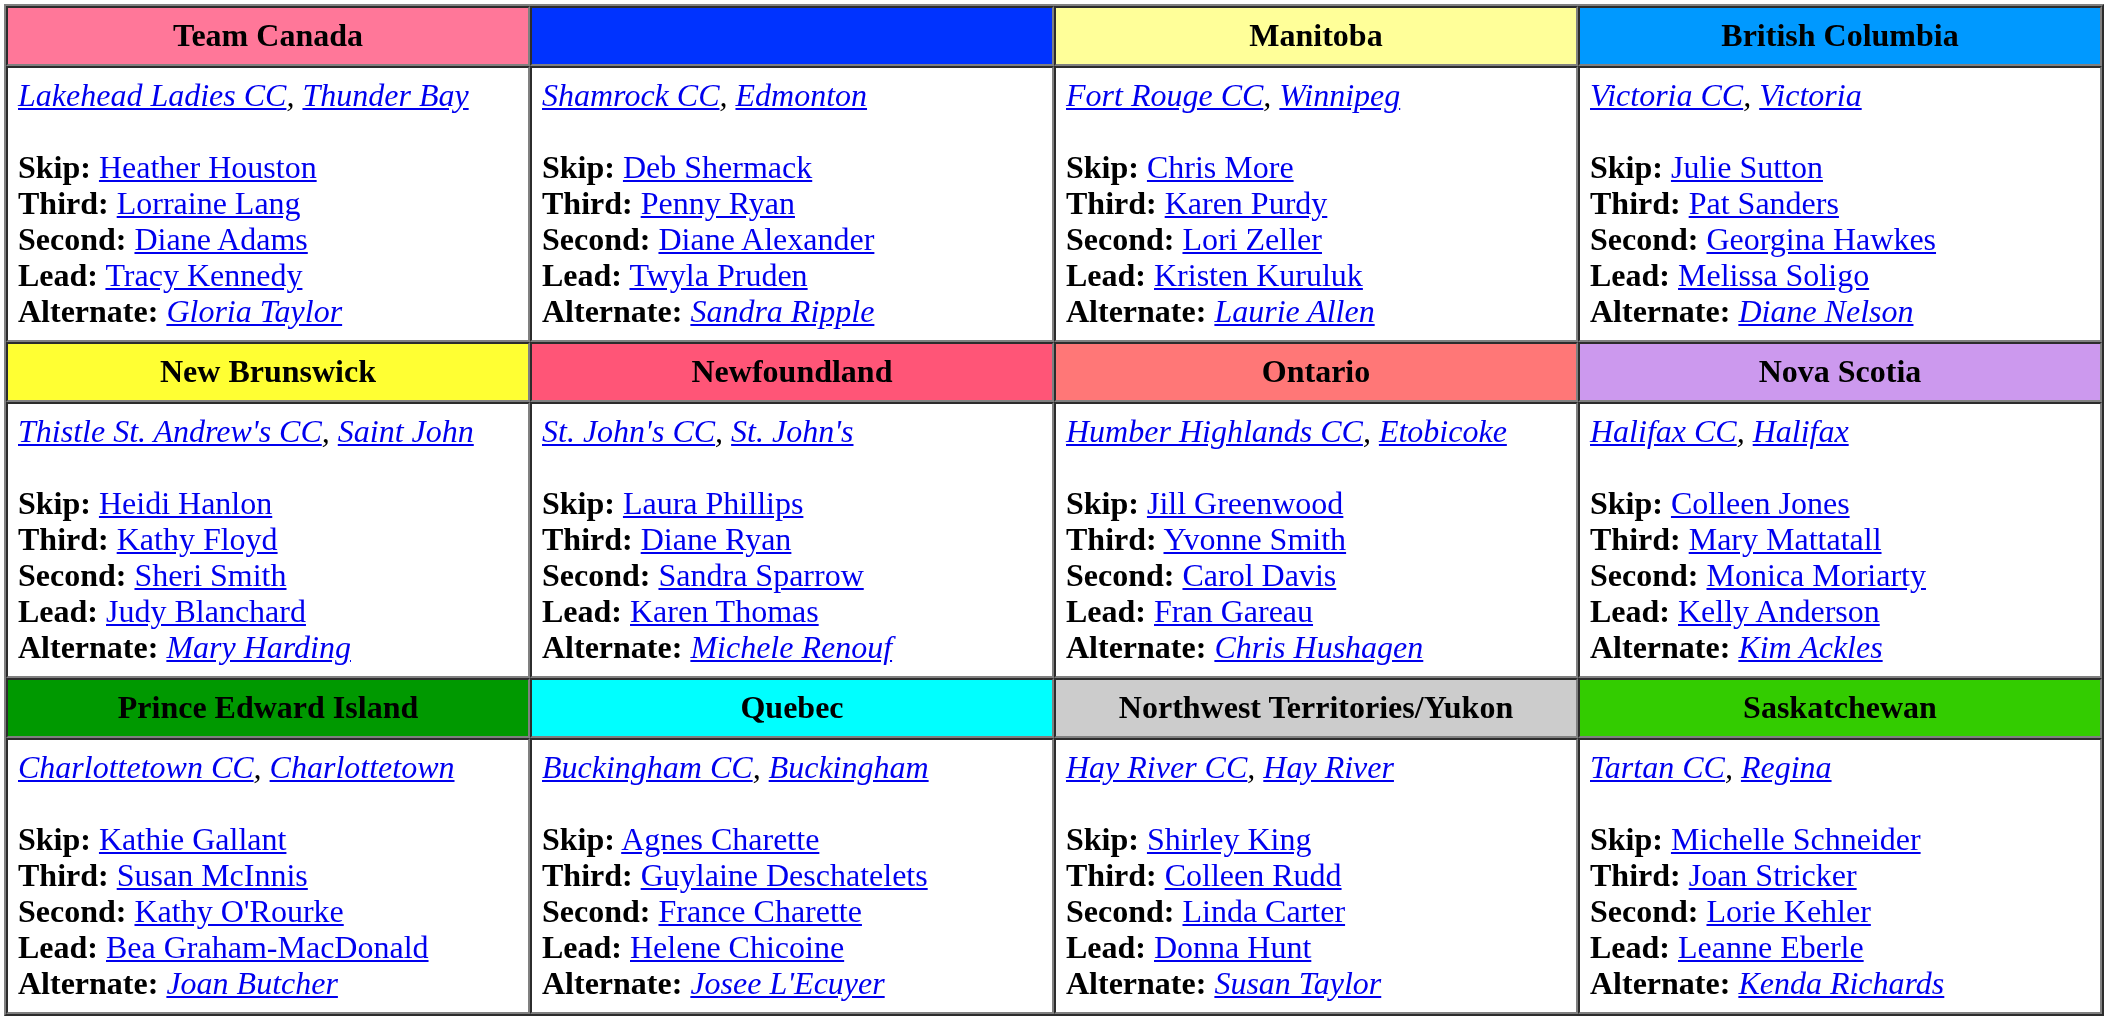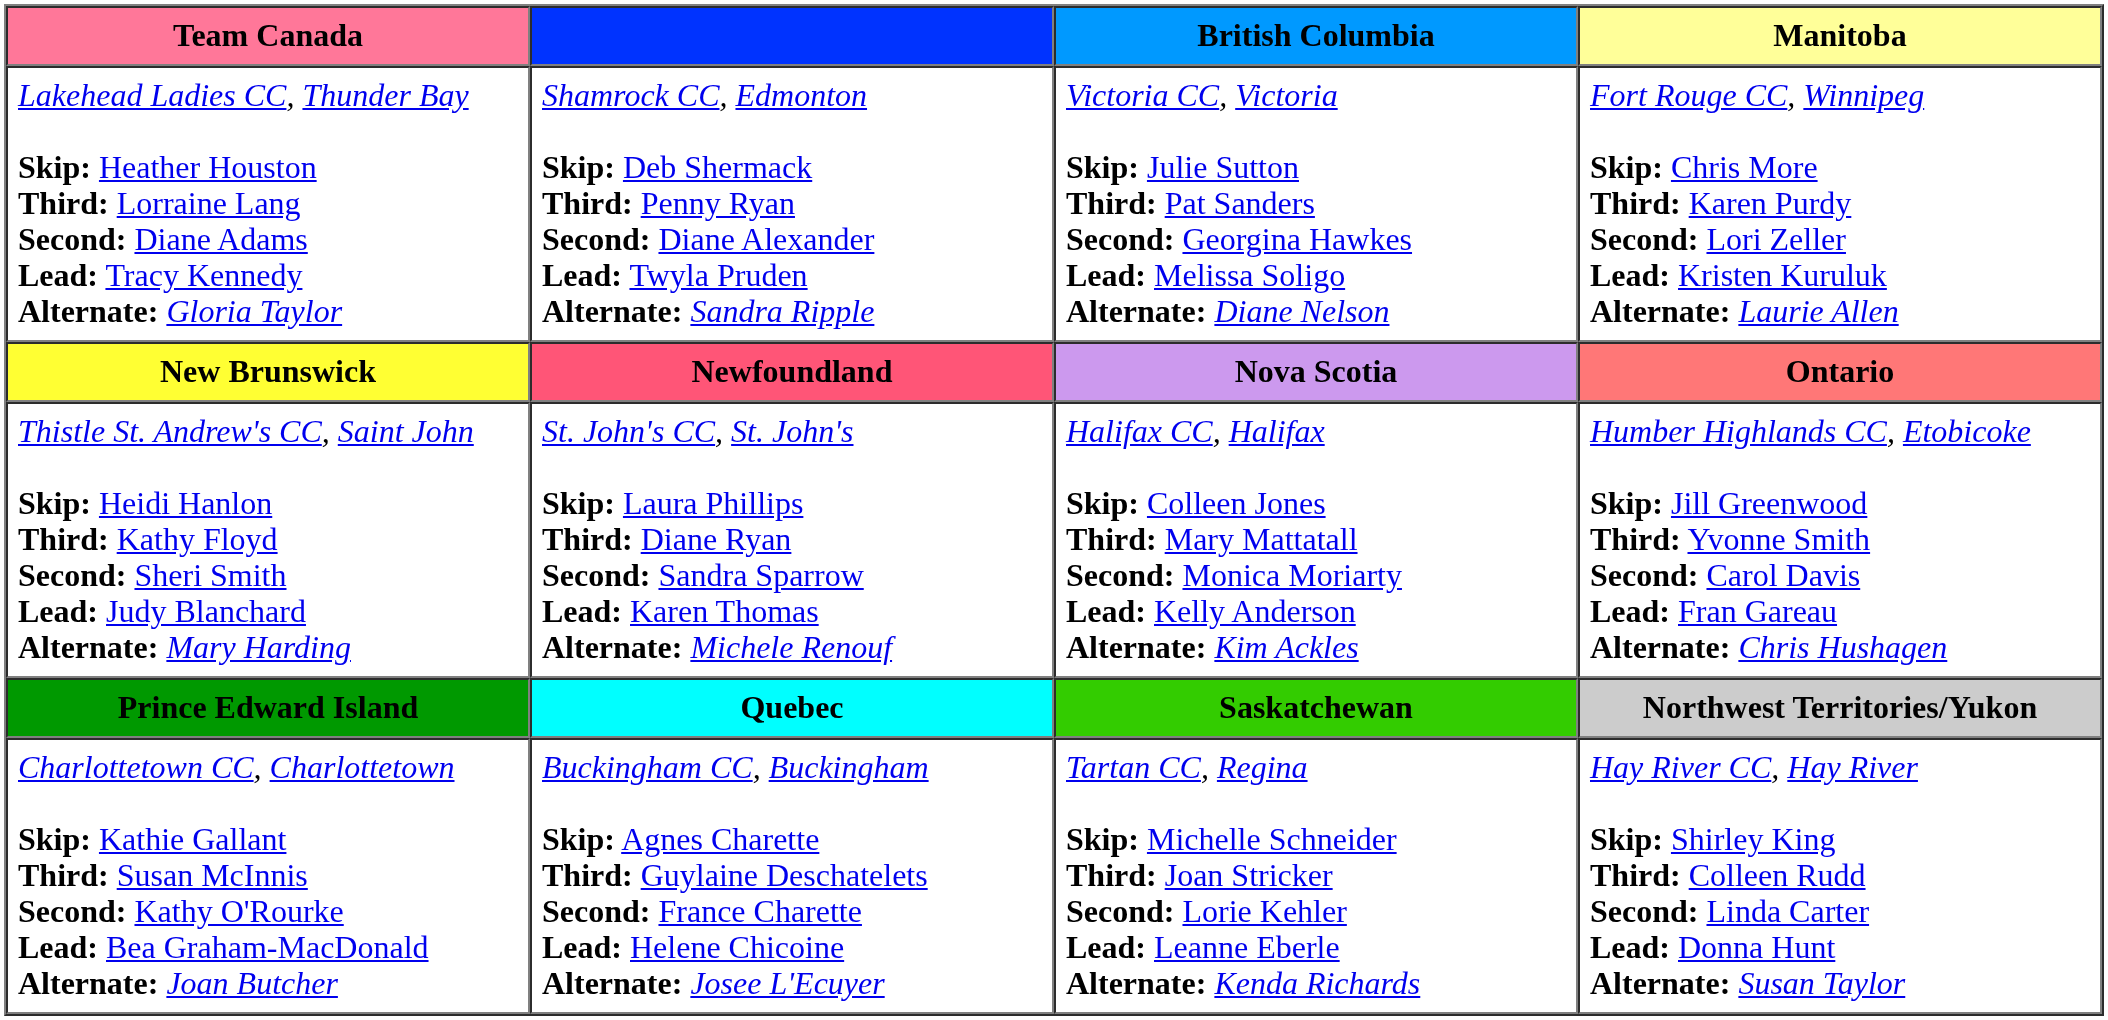 <table border=1 cellpadding=5 cellspacing=0>
 <tr>
 <th bgcolor="#ff7799" width="250">Team Canada</th>
 <th bgcolor="#0033ff" width="250"></th>
+<th bgcolor="#0099ff" width="250">British Columbia</th>
 <th bgcolor="#ffff99" width="250">Manitoba</th>
-<th bgcolor="#0099ff" width="250">British Columbia</th>
 </tr>
 <tr align=center>
 <td align=left><em><a href='#'>Lakehead Ladies CC</a>, <a href='#'>Thunder Bay</a></em> <br><br><strong>Skip:</strong>  <a href='#'>Heather Houston</a><br> <strong>Third:</strong> <a href='#'>Lorraine Lang</a><br> <strong>Second:</strong> <a href='#'>Diane Adams</a><br> <strong>Lead:</strong> <a href='#'>Tracy Kennedy</a><br> <strong>Alternate:</strong> <em><a href='#'>Gloria Taylor</a></em></td>
 <td align=left><em><a href='#'>Shamrock CC</a>, <a href='#'>Edmonton</a></em> <br><br><strong>Skip:</strong>  <a href='#'>Deb Shermack</a><br> <strong>Third:</strong> <a href='#'>Penny Ryan</a><br> <strong>Second:</strong> <a href='#'>Diane Alexander</a><br> <strong>Lead:</strong> <a href='#'>Twyla Pruden</a><br> <strong>Alternate:</strong> <em><a href='#'>Sandra Ripple</a></em></td>
+<td align=left><em><a href='#'>Victoria CC</a>, <a href='#'>Victoria</a></em> <br><br><strong>Skip:</strong>  <a href='#'>Julie Sutton</a><br> <strong>Third:</strong> <a href='#'>Pat Sanders</a><br> <strong>Second:</strong> <a href='#'>Georgina Hawkes</a><br> <strong>Lead:</strong> <a href='#'>Melissa Soligo</a><br> <strong>Alternate:</strong> <em><a href='#'>Diane Nelson</a></em></td>
 <td align=left><em><a href='#'>Fort Rouge CC</a>, <a href='#'>Winnipeg</a></em> <br><br><strong>Skip:</strong>  <a href='#'>Chris More</a><br> <strong>Third:</strong> <a href='#'>Karen Purdy</a><br> <strong>Second:</strong> <a href='#'>Lori Zeller</a><br> <strong>Lead:</strong> <a href='#'>Kristen Kuruluk</a><br> <strong>Alternate:</strong> <em><a href='#'>Laurie Allen</a></em></td>
-<td align=left><em><a href='#'>Victoria CC</a>, <a href='#'>Victoria</a></em> <br><br><strong>Skip:</strong>  <a href='#'>Julie Sutton</a><br> <strong>Third:</strong> <a href='#'>Pat Sanders</a><br> <strong>Second:</strong> <a href='#'>Georgina Hawkes</a><br> <strong>Lead:</strong> <a href='#'>Melissa Soligo</a><br> <strong>Alternate:</strong> <em><a href='#'>Diane Nelson</a></em></td>
 </tr>
 <tr border=1 cellpadding=5 cellspacing=0>
 <th bgcolor="#ffff33" width="250">New Brunswick</th>
 <th bgcolor="#ff5577" width="250">Newfoundland</th>
+<th bgcolor="#cc99ee" width="250">Nova Scotia</th>
 <th bgcolor="#ff7777" width="250">Ontario</th>
-<th bgcolor="#cc99ee" width="250">Nova Scotia</th>
 </tr>
 <tr align=center>
 <td align=left><em><a href='#'>Thistle St. Andrew's CC</a>, <a href='#'>Saint John</a></em> <br><br><strong>Skip:</strong>  <a href='#'>Heidi Hanlon</a><br> <strong>Third:</strong> <a href='#'>Kathy Floyd</a><br> <strong>Second:</strong> <a href='#'>Sheri Smith</a><br> <strong>Lead:</strong> <a href='#'>Judy Blanchard</a><br> <strong>Alternate:</strong> <em><a href='#'>Mary Harding</a></em></td>
 <td align=left><em><a href='#'>St. John's CC</a>, <a href='#'>St. John's</a></em> <br><br><strong>Skip:</strong>  <a href='#'>Laura Phillips</a> <br> <strong>Third:</strong> <a href='#'>Diane Ryan</a><br> <strong>Second:</strong> <a href='#'>Sandra Sparrow</a><br> <strong>Lead:</strong> <a href='#'>Karen Thomas</a><br> <strong>Alternate:</strong> <em><a href='#'>Michele Renouf</a></em></td>
+<td align=left><em><a href='#'>Halifax CC</a>, <a href='#'>Halifax</a></em> <br><br><strong>Skip:</strong>  <a href='#'>Colleen Jones</a><br> <strong>Third:</strong> <a href='#'>Mary Mattatall</a><br> <strong>Second:</strong> <a href='#'>Monica Moriarty</a><br> <strong>Lead:</strong> <a href='#'>Kelly Anderson</a><br> <strong>Alternate:</strong> <em><a href='#'>Kim Ackles</a></em></td>
 <td align=left><em><a href='#'>Humber Highlands CC</a>, <a href='#'>Etobicoke</a></em> <br><br><strong>Skip:</strong>  <a href='#'>Jill Greenwood</a><br> <strong>Third:</strong> <a href='#'>Yvonne Smith</a><br> <strong>Second:</strong> <a href='#'>Carol Davis</a><br> <strong>Lead:</strong> <a href='#'>Fran Gareau</a><br> <strong>Alternate:</strong> <em><a href='#'>Chris Hushagen</a></em></td>
-<td align=left><em><a href='#'>Halifax CC</a>, <a href='#'>Halifax</a></em> <br><br><strong>Skip:</strong>  <a href='#'>Colleen Jones</a><br> <strong>Third:</strong> <a href='#'>Mary Mattatall</a><br> <strong>Second:</strong> <a href='#'>Monica Moriarty</a><br> <strong>Lead:</strong> <a href='#'>Kelly Anderson</a><br> <strong>Alternate:</strong> <em><a href='#'>Kim Ackles</a></em></td>
 </tr>
 <tr border=1 cellpadding=5 cellspacing=0>
 <th bgcolor="#009900" width="250">Prince Edward Island</th>
 <th bgcolor="#00ffff" width="250">Quebec</th>
+<th bgcolor="#33cc00" width="250">Saskatchewan</th>
 <th bgcolor="#cccccc" width="250">Northwest Territories/Yukon</th>
-<th bgcolor="#33cc00" width="250">Saskatchewan</th>
 </tr>
 <tr align=center>
 <td align=left><em><a href='#'>Charlottetown CC</a>, <a href='#'>Charlottetown</a></em> <br><br><strong>Skip:</strong>  <a href='#'>Kathie Gallant</a><br> <strong>Third:</strong> <a href='#'>Susan McInnis</a><br> <strong>Second:</strong> <a href='#'>Kathy O'Rourke</a><br> <strong>Lead:</strong> <a href='#'>Bea Graham-MacDonald</a><br> <strong>Alternate:</strong> <em><a href='#'>Joan Butcher</a></em></td>
 <td align=left><em><a href='#'>Buckingham CC</a>, <a href='#'>Buckingham</a></em> <br><br><strong>Skip:</strong>  <a href='#'>Agnes Charette</a><br> <strong>Third:</strong> <a href='#'>Guylaine Deschatelets</a><br> <strong>Second:</strong> <a href='#'>France Charette</a><br> <strong>Lead:</strong> <a href='#'>Helene Chicoine</a><br> <strong>Alternate:</strong> <em><a href='#'>Josee L'Ecuyer</a></em></td>
+<td align=left><em><a href='#'>Tartan CC</a>, <a href='#'>Regina</a></em> <br><br><strong>Skip:</strong>  <a href='#'>Michelle Schneider</a><br> <strong>Third:</strong> <a href='#'>Joan Stricker</a><br> <strong>Second:</strong> <a href='#'>Lorie Kehler</a><br> <strong>Lead:</strong> <a href='#'>Leanne Eberle</a><br> <strong>Alternate:</strong> <em><a href='#'>Kenda Richards</a></em></td>
 <td align=left><em><a href='#'>Hay River CC</a>, <a href='#'>Hay River</a></em> <br><br><strong>Skip:</strong>  <a href='#'>Shirley King</a><br> <strong>Third:</strong> <a href='#'>Colleen Rudd</a><br> <strong>Second:</strong> <a href='#'>Linda Carter</a><br> <strong>Lead:</strong> <a href='#'>Donna Hunt</a><br> <strong>Alternate:</strong> <em><a href='#'>Susan Taylor</a></em></td>
-<td align=left><em><a href='#'>Tartan CC</a>, <a href='#'>Regina</a></em> <br><br><strong>Skip:</strong>  <a href='#'>Michelle Schneider</a><br> <strong>Third:</strong> <a href='#'>Joan Stricker</a><br> <strong>Second:</strong> <a href='#'>Lorie Kehler</a><br> <strong>Lead:</strong> <a href='#'>Leanne Eberle</a><br> <strong>Alternate:</strong> <em><a href='#'>Kenda Richards</a></em></td>
 </tr>
 </table>
